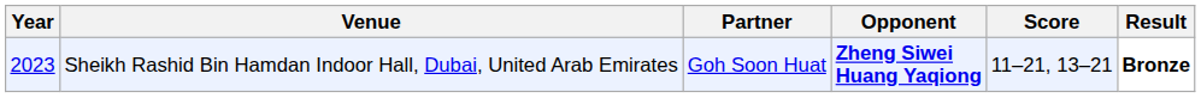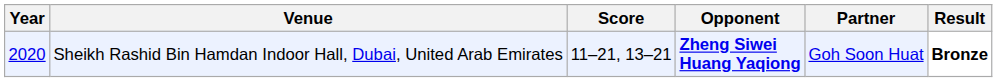 <table class="sortable wikitable" style="font-size: 90%">
 <tr>
 <th>Year</th>
 <th>Venue</th>
+<th>Score</th>
+<th>Opponent</th>
 <th>Partner</th>
-<th>Opponent</th>
-<th>Score</th>
 <th>Result</th>
 </tr>
 <tr style="background:#ECF2FF">
-<td align="center"><a href='#'>2023</a></td>
+<td align="center"><a href='#'>2020</a></td>
 <td align="left">Sheikh Rashid Bin Hamdan Indoor Hall, <a href='#'>Dubai</a>, United Arab Emirates</td>
+<td align="left">11–21, 13–21</td>
+<td align="left"><strong> <a href='#'>Zheng Siwei</a><br> <a href='#'>Huang Yaqiong</a></strong></td>
 <td align="left"> <a href='#'>Goh Soon Huat</a></td>
-<td align="left"><strong> <a href='#'>Zheng Siwei</a><br> <a href='#'>Huang Yaqiong</a></strong></td>
-<td align="left">11–21, 13–21</td>
 <td style="text-align:left; background:white"> <strong>Bronze</strong></td>
 </tr>
 </table>
